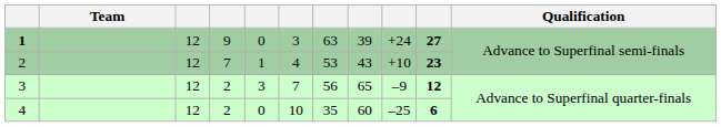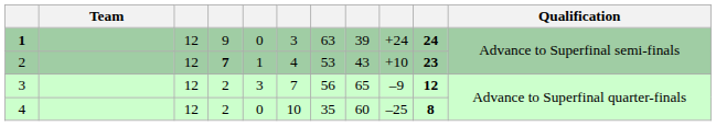 <table class="wikitable" style="text-align: center; font-size: 100%;">
 <tr>
 <th width="30"></th>
 <th width="140">Team</th>
 <th width="30"></th>
 <th width="30"></th>
 <th width="30"></th>
 <th width="30"></th>
 <th width="30"></th>
 <th width="30"></th>
 <th width="30"></th>
 <th width="30"></th>
 <th width="280">Qualification</th>
 </tr>
 <tr style="background-color: #A0CDA4;">
 <td><strong>1</strong></td>
 <td align=left></td>
 <td>12</td>
 <td>9</td>
 <td>0</td>
 <td>3</td>
 <td>63</td>
 <td>39</td>
 <td>+24</td>
-<td><strong>27</strong></td>
+<td><strong>24</strong></td>
 <td rowspan="2">Advance to Superfinal semi-finals</td>
 </tr>
 <tr style="background-color: #A0CDA4;">
 <td>2</td>
 <td align=left></td>
 <td>12</td>
-<td>7</td>
+<td><strong>7</strong></td>
 <td>1</td>
 <td>4</td>
 <td>53</td>
 <td>43</td>
 <td>+10</td>
 <td><strong>23</strong></td>
 </tr>
 <tr style="background-color: #ccffcc;">
 <td>3</td>
 <td align=left></td>
 <td>12</td>
 <td>2</td>
 <td>3</td>
 <td>7</td>
 <td>56</td>
 <td>65</td>
 <td>–9</td>
 <td><strong>12</strong></td>
 <td rowspan="2">Advance to Superfinal quarter-finals</td>
 </tr>
 <tr style="background-color: #ccffcc;">
 <td>4</td>
 <td align=left></td>
 <td>12</td>
 <td>2</td>
 <td>0</td>
 <td>10</td>
 <td>35</td>
 <td>60</td>
 <td>–25</td>
-<td><strong>6</strong></td>
+<td><strong>8</strong></td>
 </tr>
 </table>
